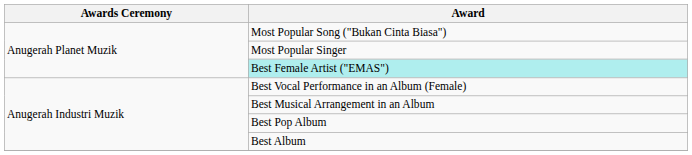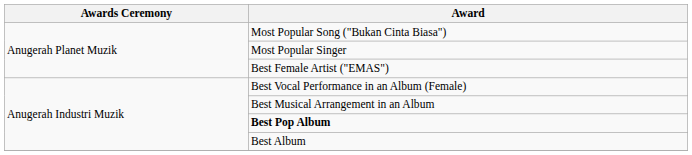 <table class="wikitable" width="60%">
 <tr>
 <th align="center">Awards Ceremony</th>
 <th align="center">Award</th>
 </tr>
 <tr>
 <td rowspan="3">Anugerah Planet Muzik</td>
 <td align="left">Most Popular Song ("Bukan Cinta Biasa")</td>
 </tr>
 <tr>
 <td align="left">Most Popular Singer</td>
 </tr>
 <tr>
-<td align="left" style="background: paleturquoise;">Best Female Artist ("EMAS")</td>
+<td align="left">Best Female Artist ("EMAS")</td>
 </tr>
 <tr>
 <td rowspan="4">Anugerah Industri Muzik</td>
 <td align="left">Best Vocal Performance in an Album (Female)</td>
 </tr>
 <tr>
 <td align="left">Best Musical Arrangement in an Album</td>
 </tr>
 <tr>
-<td align="left">Best Pop Album</td>
+<td align="left"><strong>Best Pop Album</strong></td>
 </tr>
 <tr>
 <td align="left">Best Album</td>
 </tr>
 <tr>
 </tr>
 </table>
